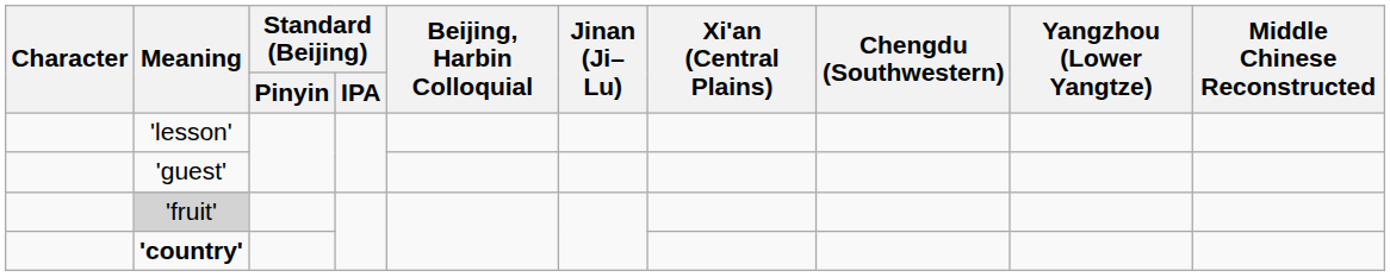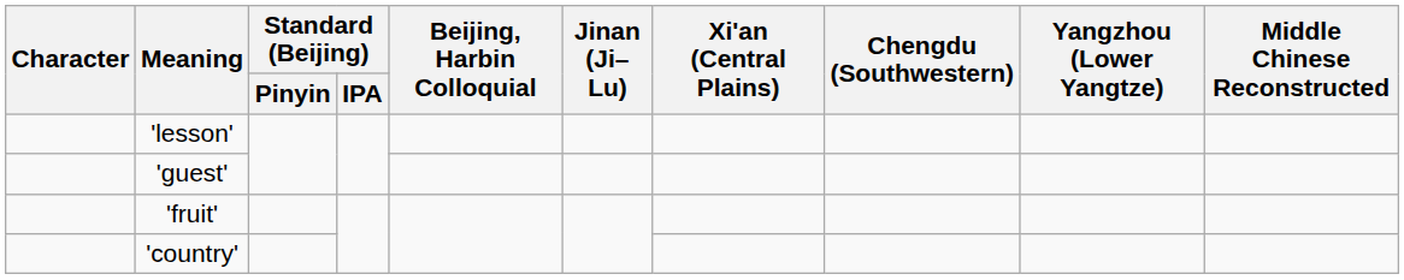 <table class="wikitable" style="text-align:center; margin:1em auto 1em auto">
 <tr>
 <th rowspan=2>Character</th>
 <th rowspan=2>Meaning</th>
 <th colspan=2>Standard<br>(Beijing)</th>
 <th rowspan=2>Beijing, Harbin<br>Colloquial</th>
 <th rowspan=2>Jinan<br>(Ji–Lu)</th>
 <th rowspan=2>Xi'an<br>(Central Plains)</th>
 <th rowspan=2>Chengdu<br>(Southwestern)</th>
 <th rowspan=2>Yangzhou<br>(Lower Yangtze)</th>
 <th rowspan=2>Middle Chinese<br>Reconstructed</th>
 </tr>
 <tr>
 <th>Pinyin</th>
 <th>IPA</th>
 </tr>
 <tr>
 <td></td>
 <td>'lesson'</td>
 <td rowspan=2></td>
 <td rowspan=2></td>
 <td></td>
 <td></td>
 <td></td>
 <td></td>
 <td></td>
 <td></td>
 </tr>
 <tr>
 <td></td>
 <td>'guest'</td>
 <td></td>
 <td></td>
 <td></td>
 <td></td>
 <td></td>
 <td></td>
 </tr>
 <tr>
 <td></td>
-<td style="background: lightgrey;">'fruit'</td>
+<td>'fruit'</td>
 <td></td>
 <td rowspan=2></td>
 <td rowspan=2></td>
 <td rowspan=2></td>
 <td></td>
 <td></td>
 <td></td>
 <td></td>
 </tr>
 <tr>
 <td></td>
-<td><strong>'country'</strong></td>
+<td>'country'</td>
 <td></td>
 <td></td>
 <td></td>
 <td></td>
 <td></td>
 </tr>
 </table>
